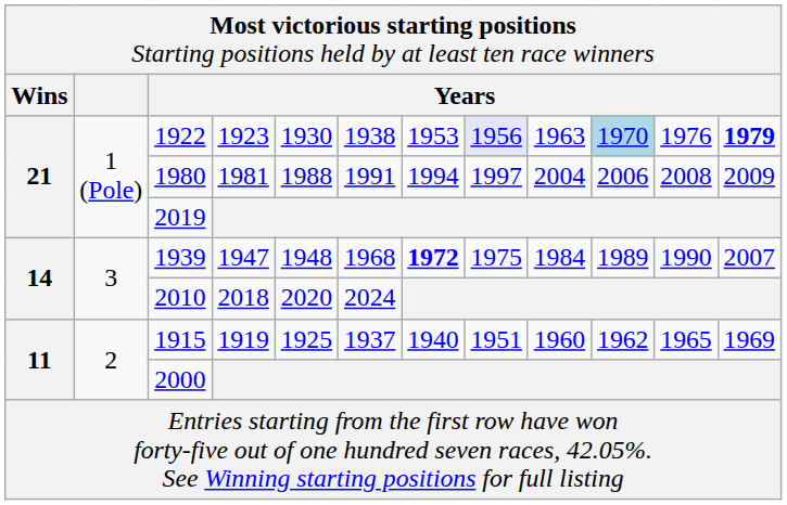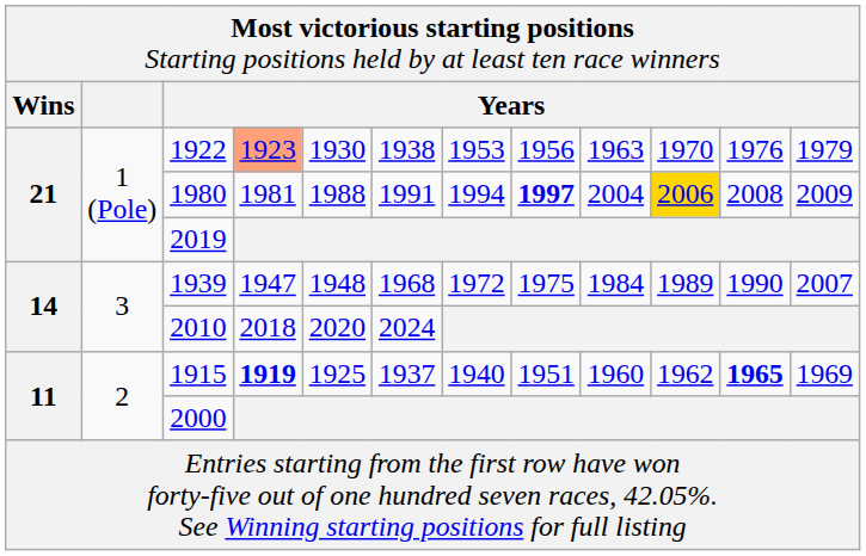 <table class="wikitable">
 <tr>
 <td style="background:#F2F2F2;" align="center" colspan="13"><strong>Most victorious starting positions</strong><br><em>Starting positions held by at least ten race winners</em></td>
 </tr>
 <tr>
 <th>Wins</th>
 <th></th>
 <td style="background:#F2F2F2;" align="center" colspan="10"><strong>Years</strong></td>
 </tr>
 <tr>
 <td style="background:#F2F2F2;" align="center" rowspan="3"><strong>21</strong></td>
 <td align="center" rowspan="3">1<br>(<a href='#'>Pole</a>)</td>
 <td align="center"><a href='#'>1922</a></td>
-<td align="center"><a href='#'>1923</a></td>
+<td align="center" style="background: lightsalmon;"><a href='#'>1923</a></td>
 <td align="center"><a href='#'>1930</a></td>
 <td align="center"><a href='#'>1938</a></td>
 <td align="center"><a href='#'>1953</a></td>
-<td align="center" style="background: lavender;"><a href='#'>1956</a></td>
+<td align="center"><a href='#'>1956</a></td>
 <td align="center"><a href='#'>1963</a></td>
-<td align="center" style="background: lightblue;"><a href='#'>1970</a></td>
+<td align="center"><a href='#'>1970</a></td>
 <td align="center"><a href='#'>1976</a></td>
-<td align="center"><strong><a href='#'>1979</a></strong></td>
+<td align="center"><a href='#'>1979</a></td>
 </tr>
 <tr>
 <td align="center"><a href='#'>1980</a></td>
 <td align="center"><a href='#'>1981</a></td>
 <td align="center"><a href='#'>1988</a></td>
 <td align="center"><a href='#'>1991</a></td>
 <td align="center"><a href='#'>1994</a></td>
-<td align="center"><a href='#'>1997</a></td>
+<td align="center"><strong><a href='#'>1997</a></strong></td>
 <td align="center"><a href='#'>2004</a></td>
-<td align="center"><a href='#'>2006</a></td>
+<td align="center" style="background: gold;"><a href='#'>2006</a></td>
 <td align="center"><a href='#'>2008</a></td>
 <td align="center"><a href='#'>2009</a></td>
 </tr>
 <tr>
 <td align="center"><a href='#'>2019</a></td>
 <td style="background:#F2F2F2;" align="center" colspan="9"> </td>
 </tr>
 <tr>
 <td style="background:#F2F2F2;" align="center" rowspan="2"><strong>14</strong></td>
 <td align="center" rowspan="2">3</td>
 <td align="center"><a href='#'>1939</a></td>
 <td align="center"><a href='#'>1947</a></td>
 <td align="center"><a href='#'>1948</a></td>
 <td align="center"><a href='#'>1968</a></td>
-<td align="center"><strong><a href='#'>1972</a></strong></td>
+<td align="center"><a href='#'>1972</a></td>
 <td align="center"><a href='#'>1975</a></td>
 <td align="center"><a href='#'>1984</a></td>
 <td align="center"><a href='#'>1989</a></td>
 <td align="center"><a href='#'>1990</a></td>
 <td align="center"><a href='#'>2007</a></td>
 </tr>
 <tr>
 <td align="center"><a href='#'>2010</a></td>
 <td align="center"><a href='#'>2018</a></td>
 <td align="center"><a href='#'>2020</a></td>
 <td align="center"><a href='#'>2024</a></td>
 <td style="background:#F2F2F2;" align="center" colspan="6"> </td>
 </tr>
 <tr>
 <td style="background:#F2F2F2;" align="center" rowspan="2"><strong>11</strong></td>
 <td align="center" rowspan="2">2</td>
 <td align="center"><a href='#'>1915</a></td>
-<td align="center"><a href='#'>1919</a></td>
+<td align="center"><strong><a href='#'>1919</a></strong></td>
 <td align="center"><a href='#'>1925</a></td>
 <td align="center"><a href='#'>1937</a></td>
 <td align="center"><a href='#'>1940</a></td>
 <td align="center"><a href='#'>1951</a></td>
 <td align="center"><a href='#'>1960</a></td>
 <td align="center"><a href='#'>1962</a></td>
-<td align="center"><a href='#'>1965</a></td>
+<td align="center"><strong><a href='#'>1965</a></strong></td>
 <td align="center"><a href='#'>1969</a></td>
 </tr>
 <tr>
 <td align="center"><a href='#'>2000</a></td>
 <td style="background:#F2F2F2;" align="center" colspan="9"> </td>
 </tr>
 <tr>
 <td style="background:#F2F2F2;" align="center" colspan="12"><em>Entries starting from the first row have won<br>forty-five out of one hundred seven races, 42.05%.</em><br><em>See <a href='#'>Winning starting positions</a> for full listing</em></td>
 </tr>
 </table>
